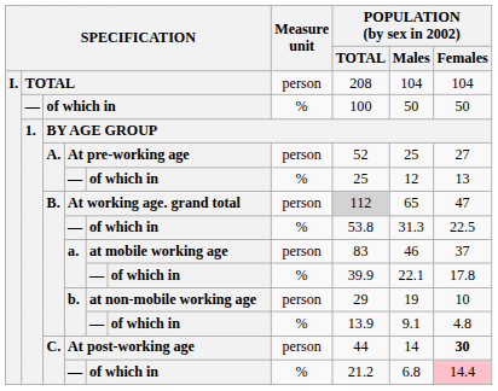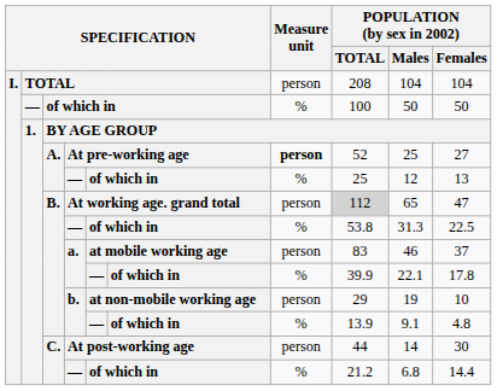 <table class="wikitable" style="font-size:85%; text-align:center">
 <tr>
 <th rowspan="2" colspan="6">SPECIFICATION</th>
 <th rowspan="2">Measure<br> unit</th>
 <th colspan="3" rowspan="1">POPULATION<br> (by sex in 2002)</th>
 </tr>
 <tr>
 <th>TOTAL</th>
 <th>Males</th>
 <th>Females</th>
 </tr>
 <tr>
 <th style="text-align:left" valign="top" rowspan="13">I.</th>
 <th style="text-align:left" colspan="5">TOTAL</th>
 <td>person</td>
 <td>208</td>
 <td>104</td>
 <td>104</td>
 </tr>
 <tr>
 <th style="text-align:left" valign="top">—</th>
 <th style="text-align:left" colspan="4">of which in</th>
 <td>%</td>
 <td>100</td>
 <td>50</td>
 <td>50</td>
 </tr>
 <tr>
 <th style="text-align:left" valign="top" rowspan="11">1.</th>
 <th style="text-align:left" colspan="19">BY AGE GROUP</th>
 </tr>
 <tr>
 <th style="text-align:left" valign="top" rowspan="2">A.</th>
 <th style="text-align:left" colspan="3">At pre-working age</th>
-<td>person</td>
+<td><strong>person</strong></td>
 <td>52</td>
 <td>25</td>
 <td>27</td>
 </tr>
 <tr>
 <th style="text-align:left" valign="top">—</th>
 <th style="text-align:left" valign="top" colspan="2">of which in</th>
 <td>%</td>
 <td>25</td>
 <td>12</td>
 <td>13</td>
 </tr>
 <tr>
 <th style="text-align:left" valign="top" rowspan="6">B.</th>
 <th style="text-align:left" colspan="3">At working age. grand total</th>
 <td>person</td>
 <td style="background: lightgrey;">112</td>
 <td>65</td>
 <td>47</td>
 </tr>
 <tr>
 <th style="text-align:left" valign="top">—</th>
 <th style="text-align:left" valign="top" colspan="2">of which in</th>
 <td>%</td>
 <td>53.8</td>
 <td>31.3</td>
 <td>22.5</td>
 </tr>
 <tr>
 <th style="text-align:left" valign="top" rowspan="2">a.</th>
 <th style="text-align:left" colspan="2">at mobile working age</th>
 <td>person</td>
 <td>83</td>
 <td>46</td>
 <td>37</td>
 </tr>
 <tr>
 <th style="text-align:left" valign="top">—</th>
 <th style="text-align:left" valign="top" colspan="1">of which in                        </th>
 <td>%</td>
 <td>39.9</td>
 <td>22.1</td>
 <td>17.8</td>
 </tr>
 <tr>
 <th style="text-align:left" valign="top" rowspan="2">b.</th>
 <th style="text-align:left" colspan="2">at non-mobile working age</th>
 <td>person</td>
 <td>29</td>
 <td>19</td>
 <td>10</td>
 </tr>
 <tr>
 <th style="text-align:left" valign="top">—</th>
 <th style="text-align:left" valign="top" colspan="1">of which in                        </th>
 <td>%</td>
 <td>13.9</td>
 <td>9.1</td>
 <td>4.8</td>
 </tr>
 <tr>
 <th style="text-align:left" valign="top" rowspan="2">C.</th>
 <th style="text-align:left" colspan="3">At post-working age</th>
 <td>person</td>
 <td>44</td>
 <td>14</td>
-<td><strong>30</strong></td>
+<td>30</td>
 </tr>
 <tr>
 <th style="text-align:left" valign="top">—</th>
 <th style="text-align:left" valign="top" colspan="2">of which in</th>
 <td>%</td>
 <td>21.2</td>
 <td>6.8</td>
-<td style="background: pink;">14.4</td>
+<td>14.4</td>
 </tr>
 </table>
